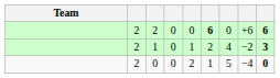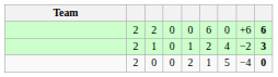 <table class="wikitable" style="text-align:center;">
 <tr>
 <th width=175>Team</th>
 <th width=20></th>
 <th width=20></th>
 <th width=20></th>
 <th width=20></th>
 <th width=20></th>
 <th width=20></th>
 <th width=20></th>
 <th width=20></th>
 </tr>
 <tr style="background:#ccffcc;">
 <td align=left></td>
 <td>2</td>
 <td>2</td>
 <td>0</td>
 <td>0</td>
-<td><strong>6</strong></td>
+<td>6</td>
 <td>0</td>
 <td>+6</td>
 <td><strong>6</strong></td>
 </tr>
 <tr style="background:#ccffcc;">
 <td align=left></td>
 <td>2</td>
 <td>1</td>
 <td>0</td>
 <td>1</td>
 <td>2</td>
 <td>4</td>
 <td>−2</td>
 <td><strong>3</strong></td>
 </tr>
 <tr>
 <td align=left></td>
 <td>2</td>
 <td>0</td>
 <td>0</td>
 <td>2</td>
 <td>1</td>
 <td>5</td>
 <td>−4</td>
 <td><strong>0</strong></td>
 </tr>
 </table>
